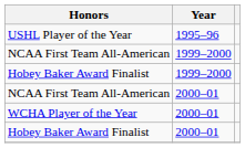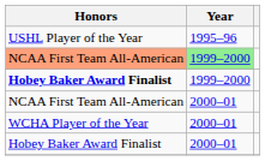 <table class="wikitable">
 <tr>
 <th>Honors</th>
 <th>Year</th>
 <th></th>
 </tr>
 <tr>
 <td><a href='#'>USHL</a> Player of the Year</td>
 <td><a href='#'>1995–96</a></td>
 <td></td>
 </tr>
 <tr>
-<td>NCAA First Team All-American</td>
-<td><a href='#'>1999–2000</a></td>
+<td style="background: lightsalmon;">NCAA First Team All-American</td>
+<td style="background: lightgreen;"><a href='#'>1999–2000</a></td>
 <td></td>
 </tr>
 <tr>
-<td><a href='#'>Hobey Baker Award</a> Finalist</td>
+<td><strong><a href='#'>Hobey Baker Award</a> Finalist</strong></td>
 <td><a href='#'>1999–2000</a></td>
 <td></td>
 </tr>
 <tr>
 <td>NCAA First Team All-American</td>
 <td><a href='#'>2000–01</a></td>
 <td></td>
 </tr>
 <tr>
 <td><a href='#'>WCHA Player of the Year</a></td>
 <td><a href='#'>2000–01</a></td>
 <td></td>
 </tr>
 <tr>
 <td><a href='#'>Hobey Baker Award</a> Finalist</td>
 <td><a href='#'>2000–01</a></td>
 <td></td>
 </tr>
 <tr>
 </tr>
 </table>
